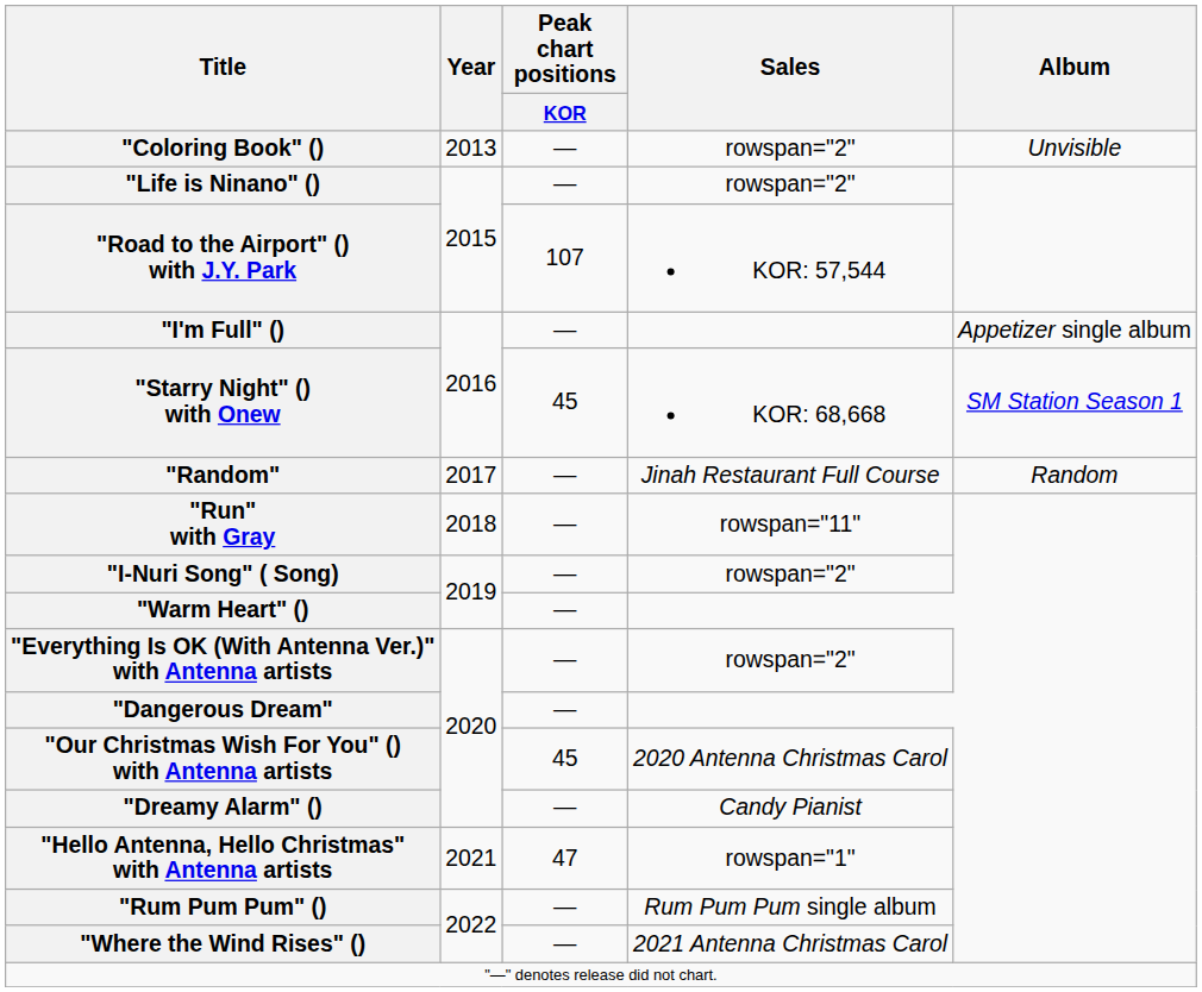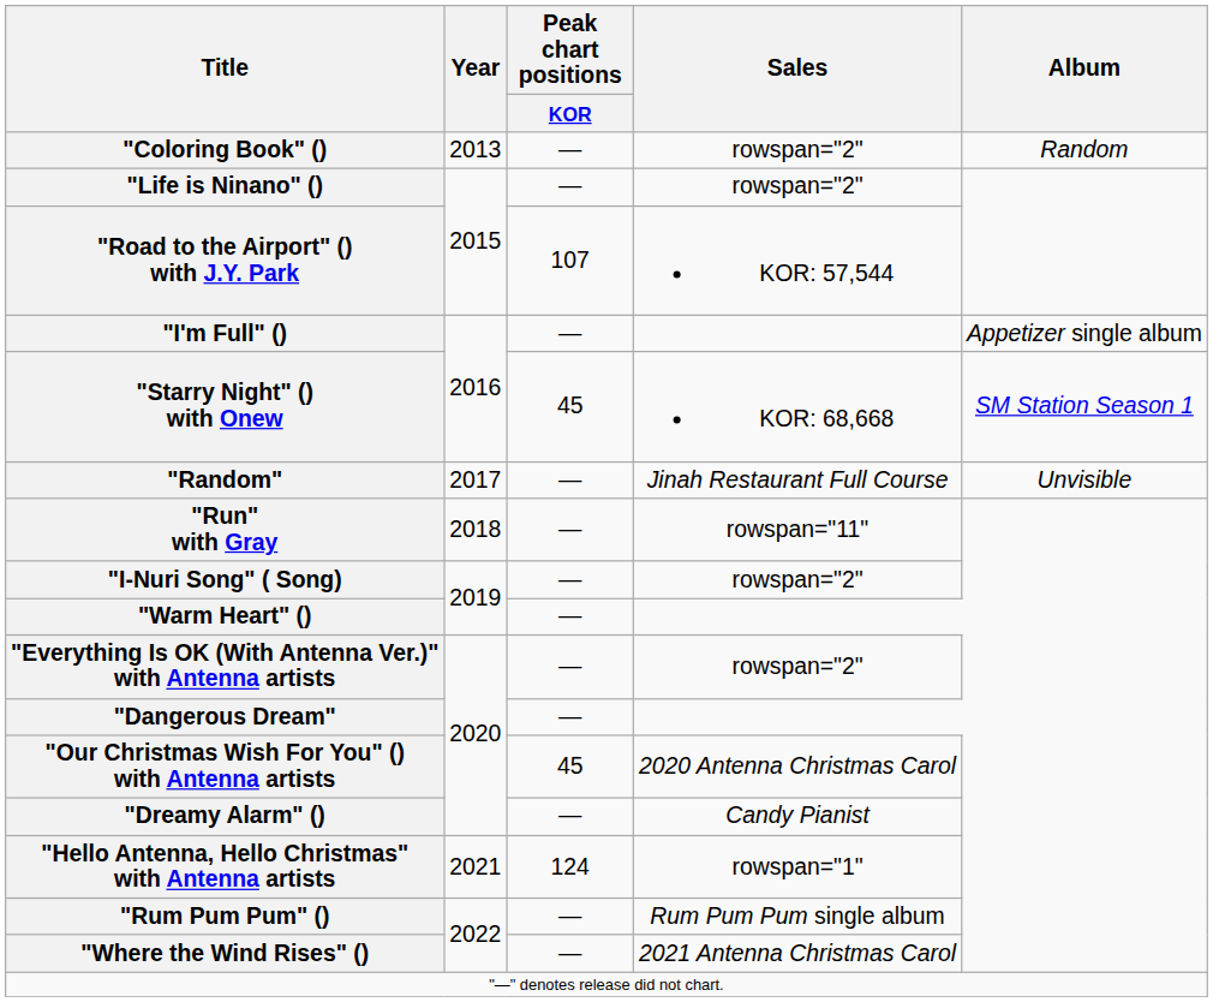 <table class="wikitable plainrowheaders" style="text-align:center;">
 <tr>
 <th scope="col" rowspan="2">Title</th>
 <th scope="col" rowspan="2">Year</th>
 <th scope="col" colspan="1" style="width:5em;">Peak chart positions</th>
 <th scope="col" rowspan="2">Sales</th>
 <th scope="col" rowspan="2">Album</th>
 </tr>
 <tr>
 <th><small><a href='#'>KOR</a></small><br></th>
 </tr>
 <tr>
 <th scope="row">"Coloring Book" ()</th>
 <td>2013</td>
 <td>—</td>
 <td>rowspan="2" </td>
-<td><em>Unvisible</em></td>
+<td><em>Random</em></td>
 </tr>
 <tr>
 <th scope="row">"Life is Ninano" ()</th>
 <td rowspan="2">2015</td>
 <td>—</td>
 <td>rowspan="2" </td>
 </tr>
 <tr>
 <th scope="row">"Road to the Airport" ()<br>with <a href='#'>J.Y. Park</a></th>
 <td>107</td>
 <td><br><ul><li>KOR: 57,544</li></ul></td>
 </tr>
 <tr>
 <th scope="row">"I'm Full" ()</th>
 <td rowspan="2">2016</td>
 <td>—</td>
 <td></td>
 <td><em>Appetizer</em> single album</td>
 </tr>
 <tr>
 <th scope="row">"Starry Night" ()<br>with <a href='#'>Onew</a></th>
 <td>45</td>
 <td><br><ul><li>KOR: 68,668</li></ul></td>
 <td><em><a href='#'>SM Station Season 1</a></em></td>
 </tr>
 <tr>
 <th scope="row">"Random"</th>
 <td>2017</td>
 <td>—</td>
 <td><em>Jinah Restaurant Full Course</em></td>
-<td><em>Random</em></td>
+<td><em>Unvisible</em></td>
 </tr>
 <tr>
 <th scope="row">"Run"<br>with <a href='#'>Gray</a></th>
 <td>2018</td>
 <td>—</td>
 <td>rowspan="11" </td>
 </tr>
 <tr>
 <th scope="row">"I-Nuri Song" ( Song)</th>
 <td rowspan="2">2019</td>
 <td>—</td>
 <td>rowspan="2" </td>
 </tr>
 <tr>
 <th scope="row">"Warm Heart" ()</th>
 <td>—</td>
 </tr>
 <tr>
 <th scope="row">"Everything Is OK (With Antenna Ver.)"<br>with <a href='#'>Antenna</a> artists</th>
 <td rowspan="4">2020</td>
 <td>—</td>
 <td>rowspan="2" </td>
 </tr>
 <tr>
 <th scope="row">"Dangerous Dream"</th>
 <td>—</td>
 </tr>
 <tr>
 <th scope="row">"Our Christmas Wish For You" ()<br>with <a href='#'>Antenna</a> artists</th>
 <td>45</td>
 <td><em>2020 Antenna Christmas Carol</em></td>
 </tr>
 <tr>
 <th scope="row">"Dreamy Alarm" ()</th>
 <td>—</td>
 <td><em>Candy Pianist</em></td>
 </tr>
 <tr>
 <th scope="row">"Hello Antenna, Hello Christmas"<br>with <a href='#'>Antenna</a> artists</th>
 <td>2021</td>
-<td>47</td>
+<td>124</td>
 <td>rowspan="1" </td>
 </tr>
 <tr>
 <th scope="row">"Rum Pum Pum" ()</th>
 <td rowspan="2">2022</td>
 <td>—</td>
 <td><em>Rum Pum Pum</em> single album</td>
 </tr>
 <tr>
 <th scope="row">"Where the Wind Rises" ()</th>
 <td>—</td>
 <td><em>2021 Antenna Christmas Carol</em></td>
 </tr>
 <tr>
 <td colspan=5 style="font-size:8pt;">"—" denotes release did not chart.</td>
 </tr>
 </table>
